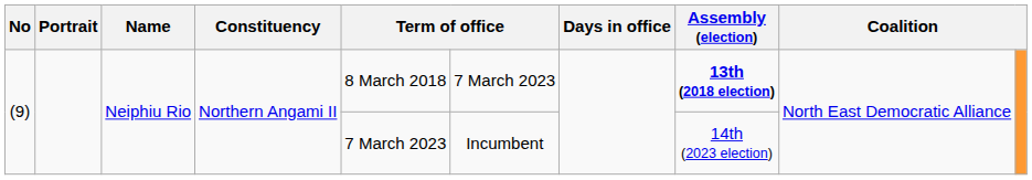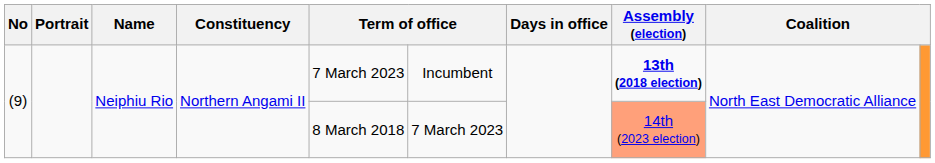 <table class="wikitable">
 <tr>
 <th>No</th>
 <th>Portrait</th>
 <th>Name</th>
 <th>Constituency</th>
 <th colspan=2>Term of office</th>
 <th>Days in office</th>
 <th><a href='#'>Assembly</a><br><small>(<a href='#'>election</a>)</small></th>
 <th colspan=2>Coalition</th>
 </tr>
 <tr align=center style="height: 60px;">
 <td rowspan="2">(9)</td>
 <td rowspan="2"></td>
 <td rowspan="2"><a href='#'>Neiphiu Rio</a></td>
 <td rowspan="2"><a href='#'>Northern Angami II</a></td>
-<td>8 March 2018</td>
 <td>7 March 2023</td>
+<td>Incumbent</td>
 <td rowspan="2"></td>
 <td><strong><a href='#'>13th</a><br><small>(<a href='#'>2018 election</a>)</small></strong></td>
 <td rowspan="2"><a href='#'>North East Democratic Alliance</a></td>
 <td rowspan="2" width="4px" bgcolor="#ff9933"></td>
 </tr>
 <tr align=center style="height: 60px;">
+<td>8 March 2018</td>
 <td>7 March 2023</td>
-<td>Incumbent</td>
-<td><a href='#'>14th</a><br><small>(<a href='#'>2023 election</a>)</small></td>
+<td style="background: lightsalmon;"><a href='#'>14th</a><br><small>(<a href='#'>2023 election</a>)</small></td>
 </tr>
 </table>
